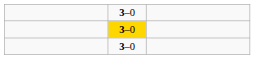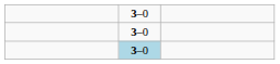 <table class="wikitable">
 <tr>
 <td width=150><strong></strong></td>
 <td style="width:50px" align=center><strong>3</strong>–0</td>
 <td width=150></td>
 </tr>
 <tr>
 <td width=150><strong></strong></td>
-<td style="background: gold; width:50px" align=center><strong>3</strong>–0</td>
+<td style="width:50px" align=center><strong>3</strong>–0</td>
 <td width=150></td>
 </tr>
 <tr>
 <td width=150><strong></strong></td>
-<td style="width:50px" align=center><strong>3</strong>–0</td>
+<td style="background: lightblue; width:50px" align=center><strong>3</strong>–0</td>
 <td width=150></td>
 </tr>
 </table>
